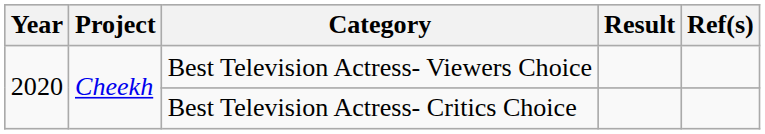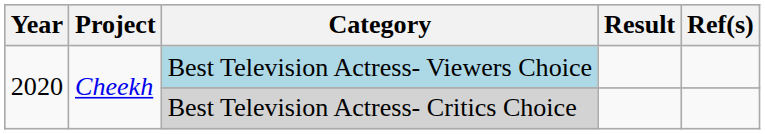 <table class="wikitable style">
 <tr>
 <th>Year</th>
 <th>Project</th>
 <th>Category</th>
 <th>Result</th>
 <th>Ref(s)</th>
 </tr>
 <tr>
 <td rowspan="2">2020</td>
 <td rowspan="2"><em><a href='#'>Cheekh</a></em></td>
-<td>Best Television Actress- Viewers Choice</td>
+<td style="background: lightblue;">Best Television Actress- Viewers Choice</td>
 <td></td>
 <td></td>
 </tr>
 <tr>
-<td>Best Television Actress- Critics Choice</td>
+<td style="background: lightgrey;">Best Television Actress- Critics Choice</td>
 <td></td>
 <td></td>
 </tr>
 </table>
